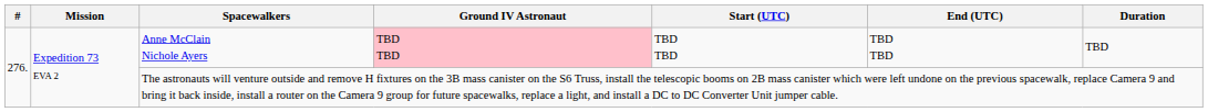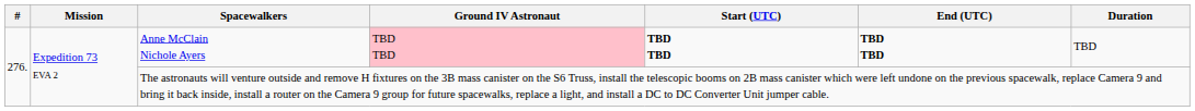 <table class="wikitable sortable sticky-header" style="font-size:0.95em; line-height:1.5em;">
 <tr>
 <th scope="col" width="25">#</th>
 <th scope="col" width="135">Mission</th>
 <th scope="col" width="300">Spacewalkers</th>
 <th scope="col">Ground IV Astronaut</th>
 <th scope="col" width="275">Start (<a href='#'>UTC</a>)</th>
 <th scope="col" width="275">End (UTC)</th>
 <th scope="col" width="150">Duration</th>
 </tr>
 <tr>
 <td rowspan="2">276.</td>
 <td rowspan="2"><a href='#'>Expedition 73</a><br><small>EVA 2</small><br></td>
 <td> <a href='#'>Anne McClain</a><br> <a href='#'>Nichole Ayers</a></td>
 <td style="background: pink;"> TBD<br> TBD</td>
-<td>TBD<br>TBD</td>
-<td>TBD<br>TBD</td>
+<td><strong>TBD<br>TBD</strong></td>
+<td><strong>TBD<br>TBD</strong></td>
 <td>TBD</td>
 </tr>
 <tr>
 <td colspan="5">The astronauts will venture outside and remove H fixtures on the 3B mass canister on the S6 Truss, install the telescopic booms on 2B mass canister which were left undone on the previous spacewalk, replace Camera 9 and bring it back inside, install a router on the Camera 9 group for future spacewalks, replace a light, and install a DC to DC Converter Unit jumper cable.</td>
 </tr>
 </table>
